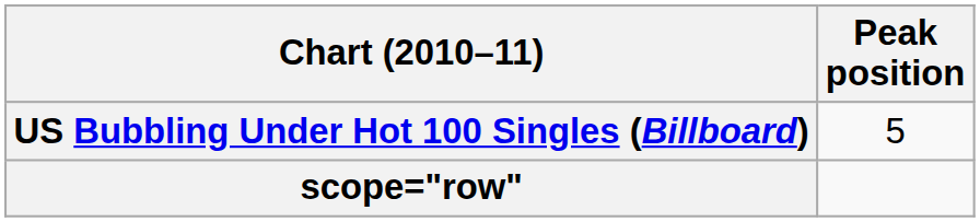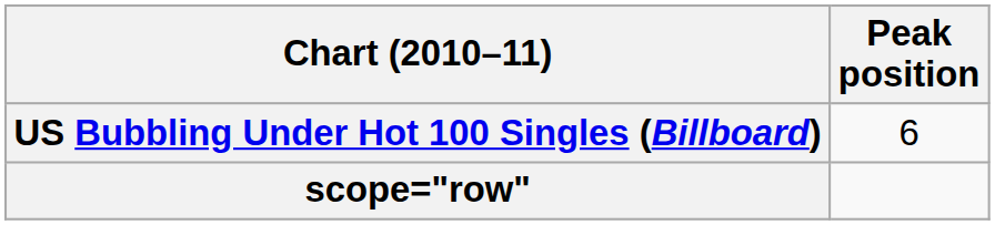 <table class="wikitable sortable plainrowheaders" style="text-align:center;">
 <tr>
 <th scope="col">Chart (2010–11)</th>
 <th scope="col">Peak<br>position</th>
 </tr>
 <tr>
 <th scope="row">US <a href='#'>Bubbling Under Hot 100 Singles</a> (<a href='#'><em>Billboard</em></a>)</th>
-<td align="center">5</td>
+<td align="center">6</td>
 </tr>
 <tr>
 <th>scope="row"</th>
 </tr>
 </table>
